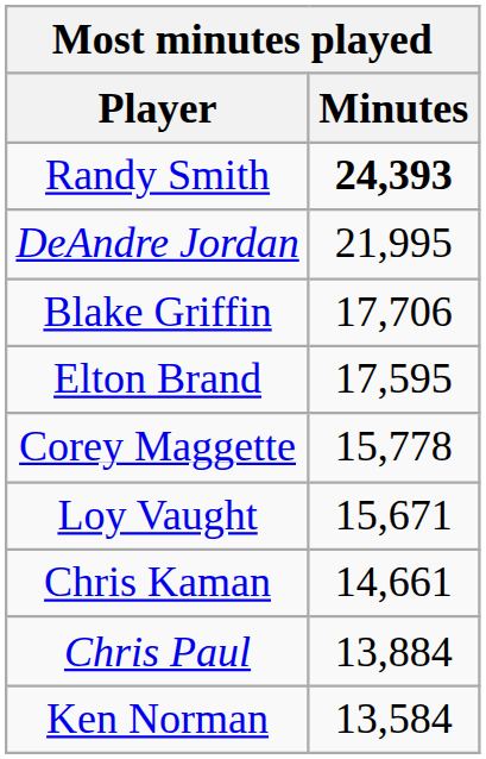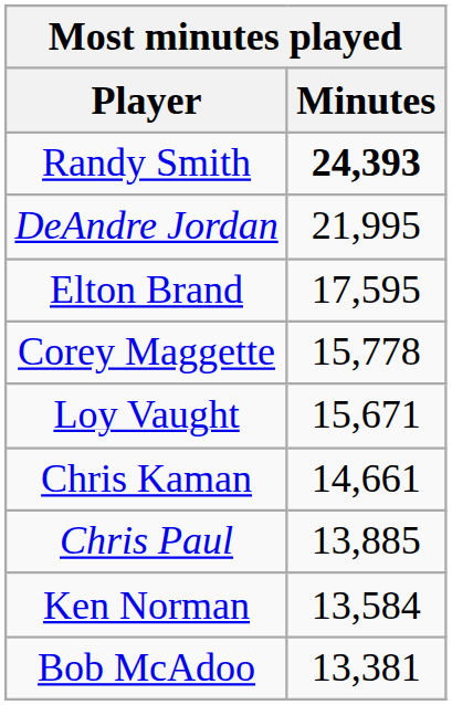 <table class="wikitable sortable" style="text-align:center">
 <tr>
 <th colspan="2" style="text-align:center; ">Most minutes played</th>
 </tr>
 <tr>
 <th style="text-align:center; ">Player</th>
 <th style="text-align:center; ">Minutes</th>
 </tr>
 <tr>
 <td><a href='#'>Randy Smith</a></td>
 <td><strong>24,393</strong></td>
 </tr>
 <tr>
 <td><em><a href='#'>DeAndre Jordan</a></em></td>
 <td>21,995</td>
-</tr>
-<tr>
-<td><a href='#'>Blake Griffin</a></td>
-<td>17,706</td>
 </tr>
 <tr>
 <td><a href='#'>Elton Brand</a></td>
 <td>17,595</td>
 </tr>
 <tr>
 <td><a href='#'>Corey Maggette</a></td>
 <td>15,778</td>
 </tr>
 <tr>
 <td><a href='#'>Loy Vaught</a></td>
 <td>15,671</td>
 </tr>
 <tr>
 <td><a href='#'>Chris Kaman</a></td>
 <td>14,661</td>
 </tr>
 <tr>
 <td><em><a href='#'>Chris Paul</a></em></td>
-<td>13,884</td>
+<td>13,885</td>
 </tr>
 <tr>
 <td><a href='#'>Ken Norman</a></td>
 <td>13,584</td>
 </tr>
+<tr>
+<td><a href='#'>Bob McAdoo</a></td>
+<td>13,381</td>
+</tr>
 </table>
